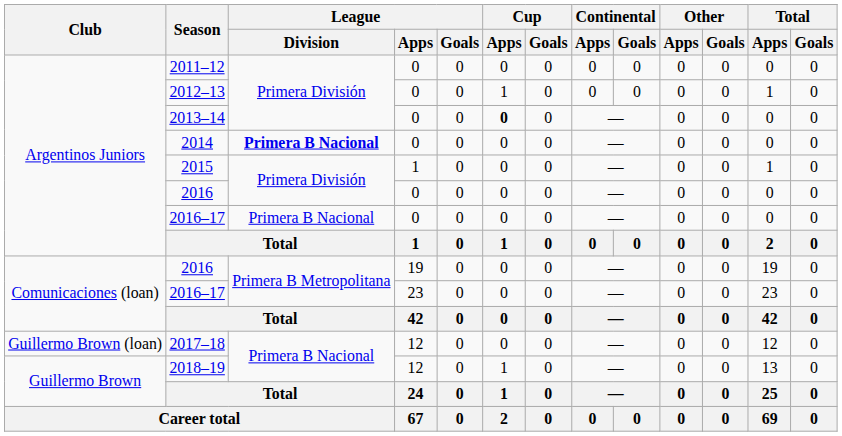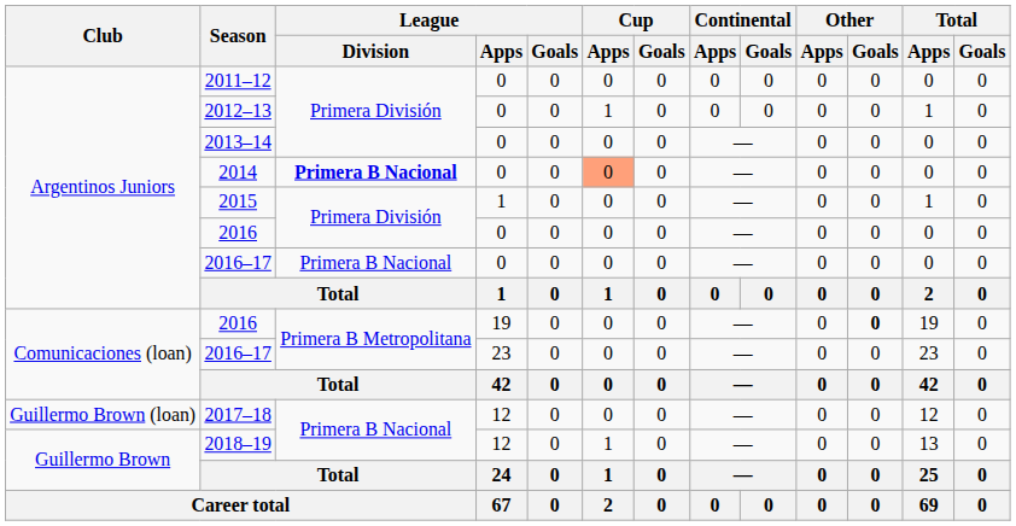 <table class="wikitable" style="text-align:center">
 <tr>
 <th rowspan="2">Club</th>
 <th rowspan="2">Season</th>
 <th colspan="3">League</th>
 <th colspan="2">Cup</th>
 <th colspan="2">Continental</th>
 <th colspan="2">Other</th>
 <th colspan="2">Total</th>
 </tr>
 <tr>
 <th>Division</th>
 <th>Apps</th>
 <th>Goals</th>
 <th>Apps</th>
 <th>Goals</th>
 <th>Apps</th>
 <th>Goals</th>
 <th>Apps</th>
 <th>Goals</th>
 <th>Apps</th>
 <th>Goals</th>
 </tr>
 <tr>
 <td rowspan="8"><a href='#'>Argentinos Juniors</a></td>
 <td><a href='#'>2011–12</a></td>
 <td rowspan="3"><a href='#'>Primera División</a></td>
 <td>0</td>
 <td>0</td>
 <td>0</td>
 <td>0</td>
 <td>0</td>
 <td>0</td>
 <td>0</td>
 <td>0</td>
 <td>0</td>
 <td>0</td>
 </tr>
 <tr>
 <td><a href='#'>2012–13</a></td>
 <td>0</td>
 <td>0</td>
 <td>1</td>
 <td>0</td>
 <td>0</td>
 <td>0</td>
 <td>0</td>
 <td>0</td>
 <td>1</td>
 <td>0</td>
 </tr>
 <tr>
 <td><a href='#'>2013–14</a></td>
 <td>0</td>
 <td>0</td>
-<td><strong>0</strong></td>
+<td>0</td>
 <td>0</td>
 <td colspan="2">—</td>
 <td>0</td>
 <td>0</td>
 <td>0</td>
 <td>0</td>
 </tr>
 <tr>
 <td><a href='#'>2014</a></td>
 <td rowspan="1"><strong><a href='#'>Primera B Nacional</a></strong></td>
 <td>0</td>
 <td>0</td>
-<td>0</td>
+<td style="background: lightsalmon;">0</td>
 <td>0</td>
 <td colspan="2">—</td>
 <td>0</td>
 <td>0</td>
 <td>0</td>
 <td>0</td>
 </tr>
 <tr>
 <td><a href='#'>2015</a></td>
 <td rowspan="2"><a href='#'>Primera División</a></td>
 <td>1</td>
 <td>0</td>
 <td>0</td>
 <td>0</td>
 <td colspan="2">—</td>
 <td>0</td>
 <td>0</td>
 <td>1</td>
 <td>0</td>
 </tr>
 <tr>
 <td><a href='#'>2016</a></td>
 <td>0</td>
 <td>0</td>
 <td>0</td>
 <td>0</td>
 <td colspan="2">—</td>
 <td>0</td>
 <td>0</td>
 <td>0</td>
 <td>0</td>
 </tr>
 <tr>
 <td><a href='#'>2016–17</a></td>
 <td rowspan="1"><a href='#'>Primera B Nacional</a></td>
 <td>0</td>
 <td>0</td>
 <td>0</td>
 <td>0</td>
 <td colspan="2">—</td>
 <td>0</td>
 <td>0</td>
 <td>0</td>
 <td>0</td>
 </tr>
 <tr>
 <th colspan="2">Total</th>
 <th>1</th>
 <th>0</th>
 <th>1</th>
 <th>0</th>
 <th>0</th>
 <th>0</th>
 <th>0</th>
 <th>0</th>
 <th>2</th>
 <th>0</th>
 </tr>
 <tr>
 <td rowspan="3"><a href='#'>Comunicaciones</a> (loan)</td>
 <td><a href='#'>2016</a></td>
 <td rowspan="2"><a href='#'>Primera B Metropolitana</a></td>
 <td>19</td>
 <td>0</td>
 <td>0</td>
 <td>0</td>
 <td colspan="2">—</td>
 <td>0</td>
-<td>0</td>
+<td><strong>0</strong></td>
 <td>19</td>
 <td>0</td>
 </tr>
 <tr>
 <td><a href='#'>2016–17</a></td>
 <td>23</td>
 <td>0</td>
 <td>0</td>
 <td>0</td>
 <td colspan="2">—</td>
 <td>0</td>
 <td>0</td>
 <td>23</td>
 <td>0</td>
 </tr>
 <tr>
 <th colspan="2">Total</th>
 <th>42</th>
 <th>0</th>
 <th>0</th>
 <th>0</th>
 <th colspan="2">—</th>
 <th>0</th>
 <th>0</th>
 <th>42</th>
 <th>0</th>
 </tr>
 <tr>
 <td rowspan="1"><a href='#'>Guillermo Brown</a> (loan)</td>
 <td><a href='#'>2017–18</a></td>
 <td rowspan="2"><a href='#'>Primera B Nacional</a></td>
 <td>12</td>
 <td>0</td>
 <td>0</td>
 <td>0</td>
 <td colspan="2">—</td>
 <td>0</td>
 <td>0</td>
 <td>12</td>
 <td>0</td>
 </tr>
 <tr>
 <td rowspan="2"><a href='#'>Guillermo Brown</a></td>
 <td><a href='#'>2018–19</a></td>
 <td>12</td>
 <td>0</td>
 <td>1</td>
 <td>0</td>
 <td colspan="2">—</td>
 <td>0</td>
 <td>0</td>
 <td>13</td>
 <td>0</td>
 </tr>
 <tr>
 <th colspan="2">Total</th>
 <th>24</th>
 <th>0</th>
 <th>1</th>
 <th>0</th>
 <th colspan="2">—</th>
 <th>0</th>
 <th>0</th>
 <th>25</th>
 <th>0</th>
 </tr>
 <tr>
 <th colspan="3">Career total</th>
 <th>67</th>
 <th>0</th>
 <th>2</th>
 <th>0</th>
 <th>0</th>
 <th>0</th>
 <th>0</th>
 <th>0</th>
 <th>69</th>
 <th>0</th>
 </tr>
 </table>
